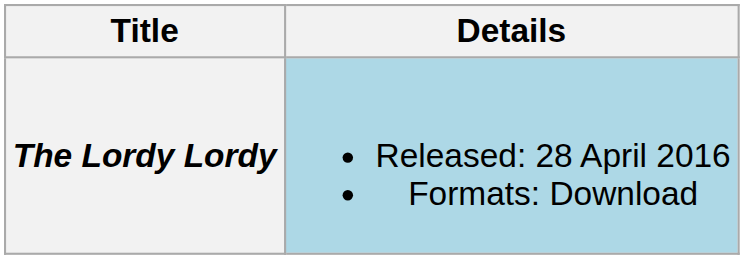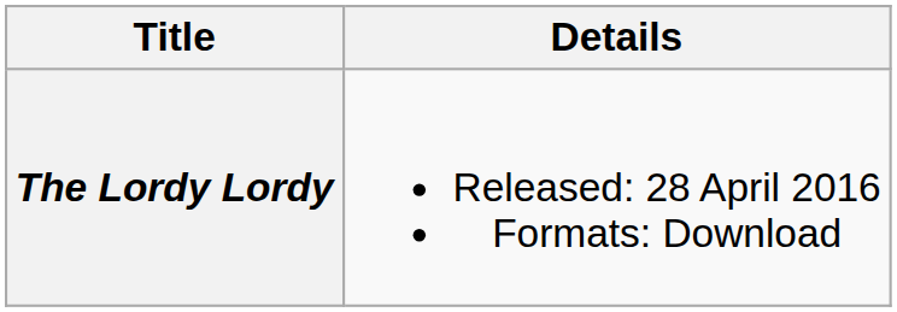 <table class="wikitable plainrowheaders" style="text-align:center;">
 <tr>
 <th>Title</th>
 <th>Details</th>
 </tr>
 <tr>
 <th scope="row"><em>The Lordy Lordy</em></th>
-<td style="background: lightblue;"><br><ul><li>Released: 28 April 2016</li><li>Formats: Download</li></ul></td>
+<td><br><ul><li>Released: 28 April 2016</li><li>Formats: Download</li></ul></td>
 </tr>
 </table>
